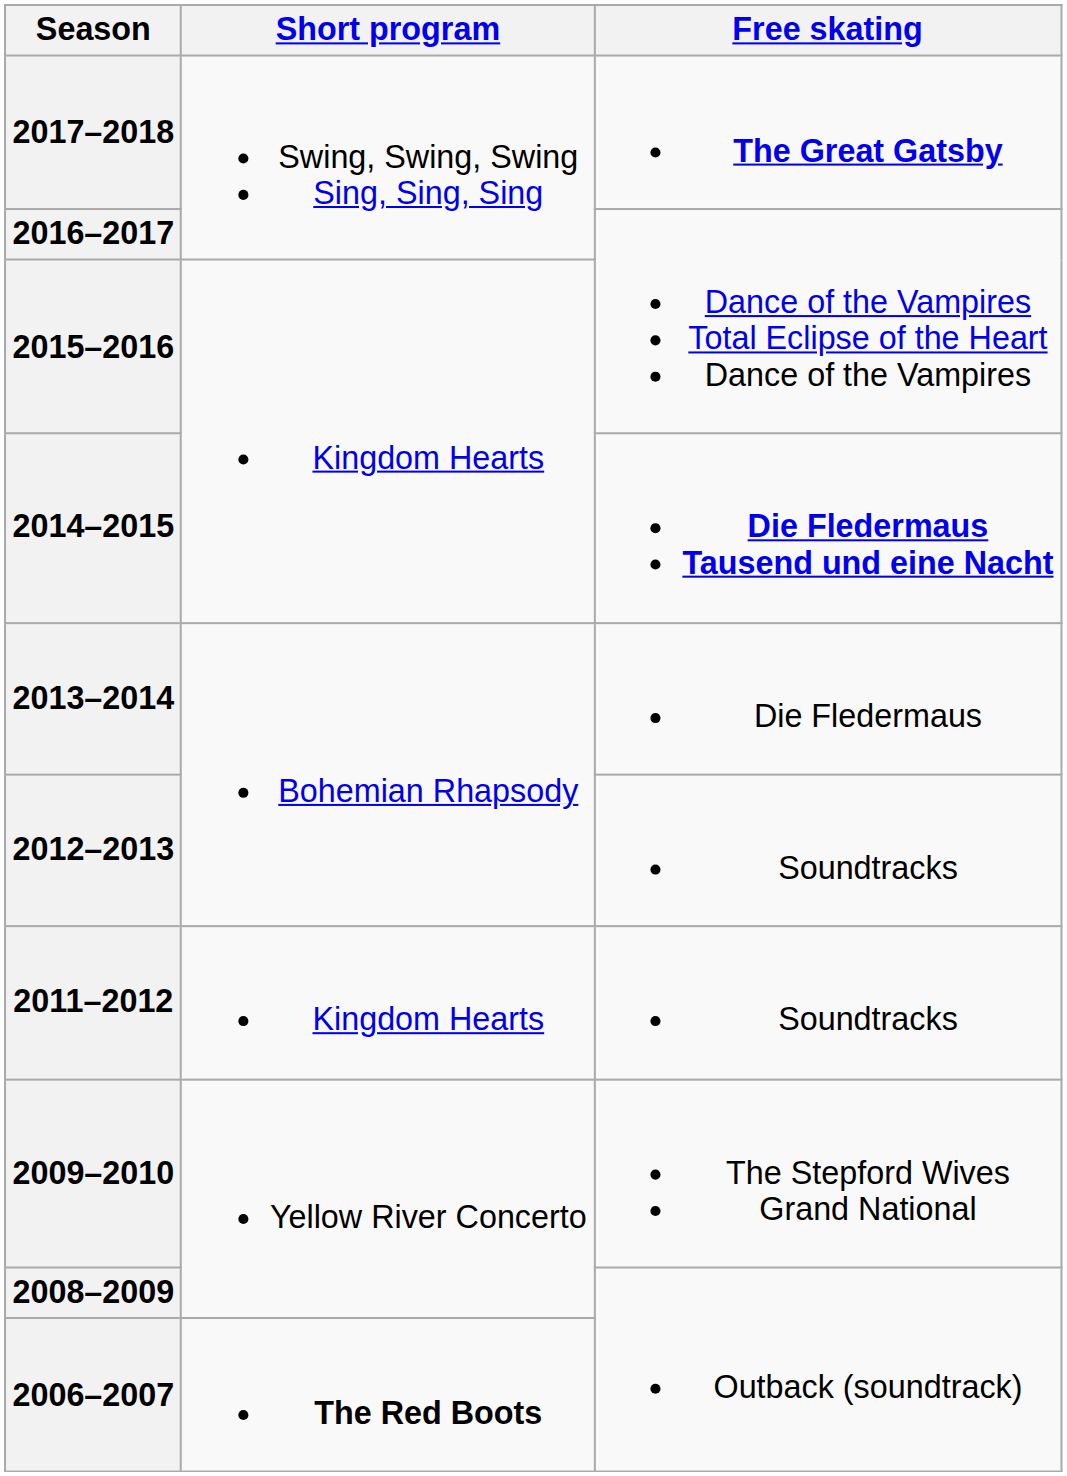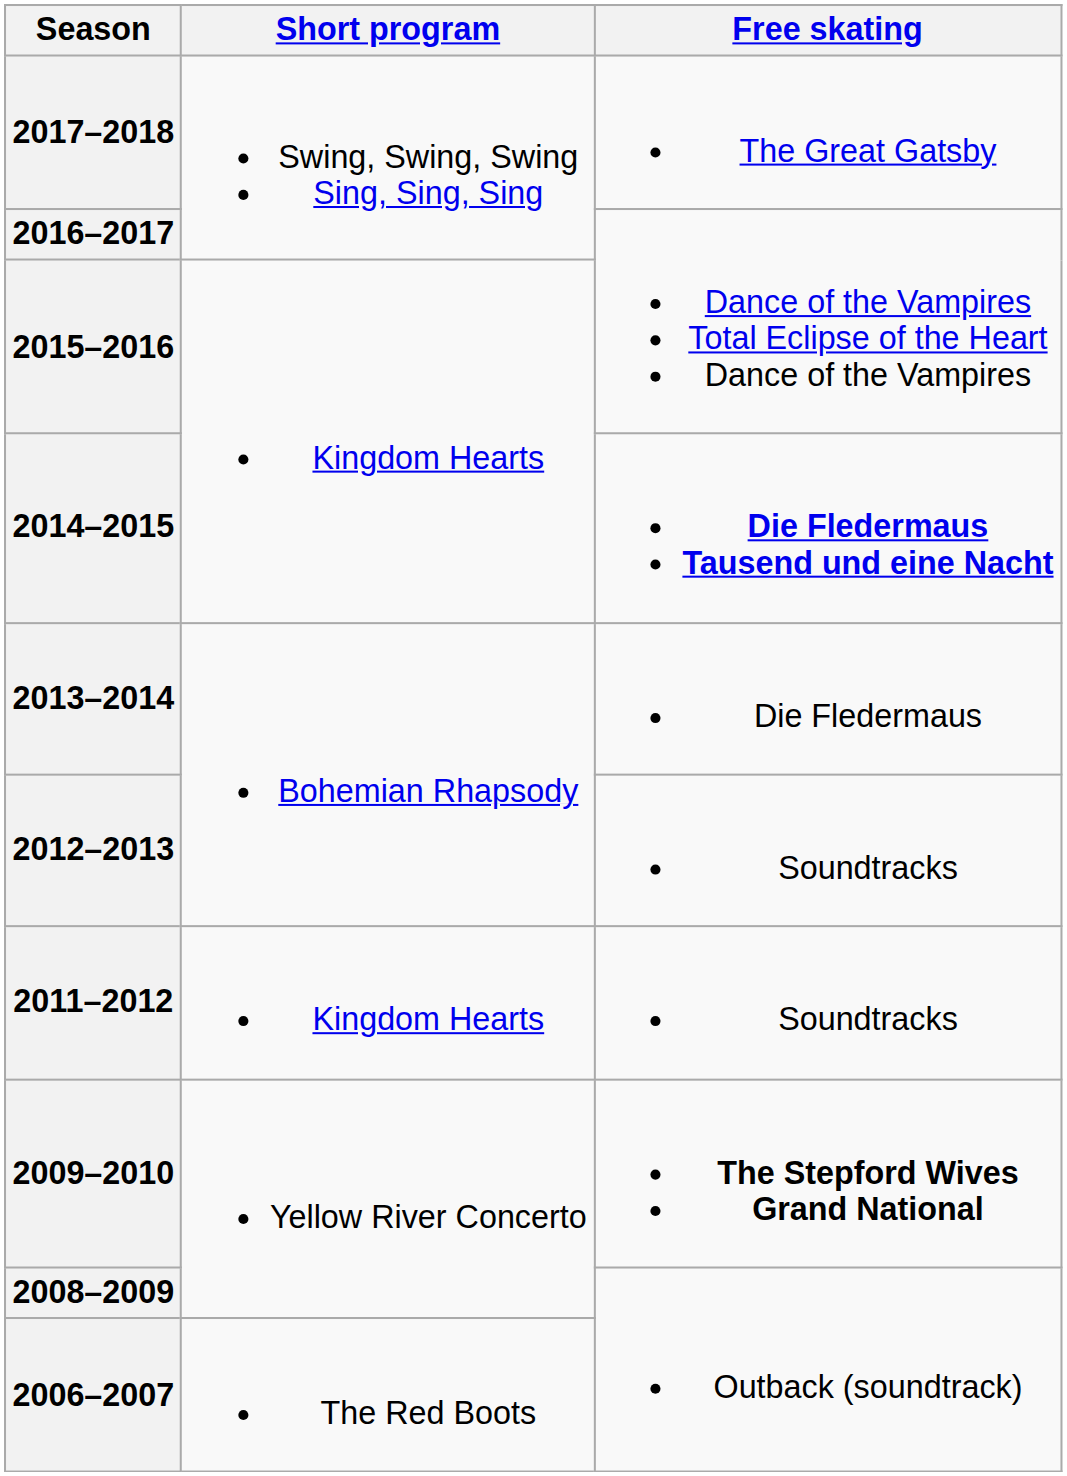 <table class=wikitable style=text-align:center>
 <tr>
 <th>Season</th>
 <th><a href='#'>Short program</a></th>
 <th><a href='#'>Free skating</a></th>
 </tr>
 <tr>
 <th>2017–2018 <br> </th>
 <td rowspan=2><br><ul><li>Swing, Swing, Swing <br></li><li><a href='#'>Sing, Sing, Sing</a> <br></li></ul></td>
-<td><strong><br><ul><li><a href='#'>The Great Gatsby</a></li></ul></strong></td>
+<td><br><ul><li><a href='#'>The Great Gatsby</a></li></ul></td>
 </tr>
 <tr>
 <th>2016–2017 <br> </th>
 <td rowspan=2><br><ul><li><a href='#'>Dance of the Vampires</a> <br></li><li><a href='#'>Total Eclipse of the Heart</a> <br></li><li>Dance of the Vampires <br></li></ul></td>
 </tr>
 <tr>
 <th>2015–2016 <br> </th>
 <td rowspan=2><br><ul><li><a href='#'>Kingdom Hearts</a> <br></li></ul></td>
 </tr>
 <tr>
 <th>2014–2015 <br> </th>
 <td><strong><br><ul><li><a href='#'>Die Fledermaus</a> <br></li><li><a href='#'>Tausend und eine Nacht</a> <br></li></ul></strong></td>
 </tr>
 <tr>
 <th>2013–2014 <br> </th>
 <td rowspan=2><br><ul><li><a href='#'>Bohemian Rhapsody</a> <br></li></ul></td>
 <td><br><ul><li>Die Fledermaus <br></li></ul></td>
 </tr>
 <tr>
 <th>2012–2013 <br> </th>
 <td><br><ul><li>Soundtracks <br></li></ul></td>
 </tr>
 <tr>
 <th>2011–2012 <br> </th>
 <td><br><ul><li><a href='#'>Kingdom Hearts</a> <br></li></ul></td>
 <td><br><ul><li>Soundtracks <br></li></ul></td>
 </tr>
 <tr>
 <th>2009–2010 <br> </th>
 <td rowspan=2><br><ul><li>Yellow River Concerto</li></ul></td>
-<td><br><ul><li>The Stepford Wives <br></li><li>Grand National <br></li></ul></td>
+<td><strong><br><ul><li>The Stepford Wives <br></li><li>Grand National <br></li></ul></strong></td>
 </tr>
 <tr>
 <th>2008–2009 <br> </th>
 <td rowspan=2><br><ul><li>Outback (soundtrack)</li></ul></td>
 </tr>
 <tr>
 <th>2006–2007 <br> </th>
-<td><strong><br><ul><li>The Red Boots</li></ul></strong></td>
+<td><br><ul><li>The Red Boots</li></ul></td>
 </tr>
 </table>
